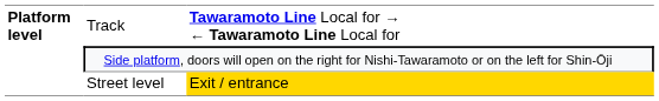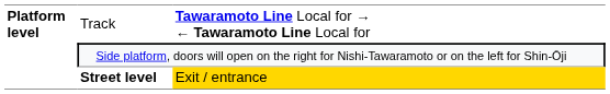 <table border=0 cellspacing=0 cellpadding=3>
 <tr>
 <td style="border-top: 1px solid gray;" width=50 rowspan=2 valign=top><strong>Platform level</strong></td>
 <td style="border-top: 1px solid gray;" width=100>Track</td>
 <td style="border-top: 1px solid gray;" width=475> <strong><a href='#'>Tawaramoto Line</a></strong>  Local for  →<br>←  <strong>Tawaramoto Line</strong>  Local for </td>
 </tr>
 <tr>
 <td style="border-top: 2px solid black;border-right: 2px solid black;border-left: 2px solid black;border-bottom: 1px solid gray; background-color:#f8f9fa;text-align:center;" colspan=2><small><a href='#'>Side platform</a>, doors will open on the right for Nishi-Tawaramoto or on the left for Shin-Ōji</small>     </td>
 </tr>
 <tr>
 <td style="border-bottom: 1px solid gray;" valign=top width=75></td>
-<td style="border-bottom: 1px solid gray;" valign=top width=100>Street level</td>
+<td style="border-bottom: 1px solid gray;" valign=top width=100><strong>Street level</strong></td>
 <td style="background: gold; border-bottom: 1px solid gray;" valign=top width=475>Exit / entrance</td>
 </tr>
 </table>
